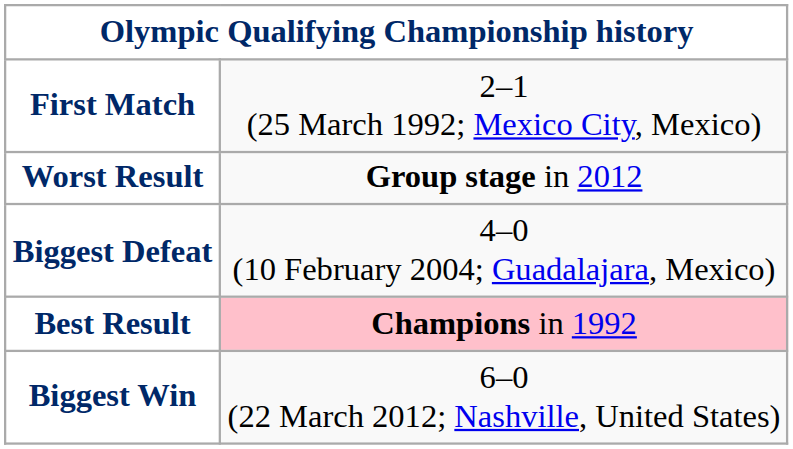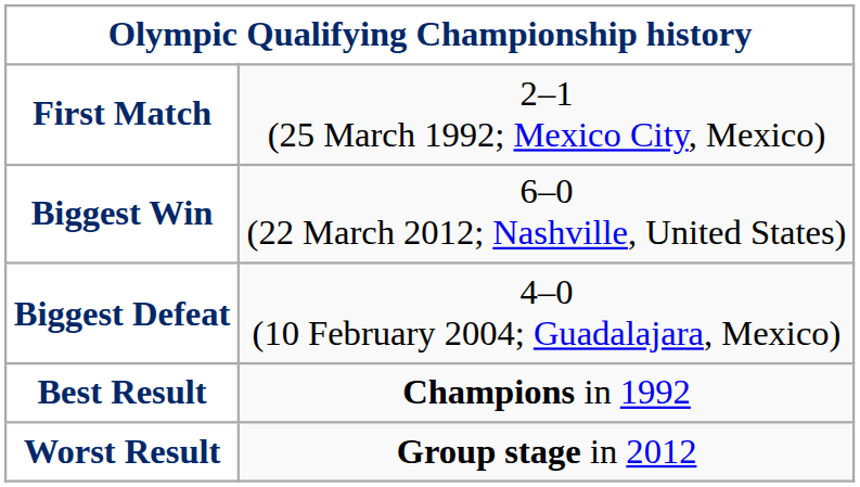 <table class="wikitable collapsible collapsed" style="text-align: center;font-size:90%;">
 <tr>
 <th colspan=2 style="color:#002868; background:white; ">Olympic Qualifying Championship history</th>
 </tr>
 <tr>
 <th style="color:#002868; background:white; ">First Match</th>
 <td> 2–1  <br> (25 March 1992; <a href='#'>Mexico City</a>, Mexico)</td>
 </tr>
 <tr>
-<th style="color:#002868; background:white; ">Worst Result</th>
-<td><strong>Group stage</strong> in <a href='#'>2012</a></td>
+<th style="color:#002868; background:white; ">Biggest Win</th>
+<td> 6–0  <br> (22 March 2012; <a href='#'>Nashville</a>, United States)</td>
 </tr>
 <tr>
 <th style="color:#002868; background:white; ">Biggest Defeat</th>
 <td> 4–0 <br>(10 February 2004; <a href='#'>Guadalajara</a>, Mexico)</td>
 </tr>
 <tr>
 <th style="color:#002868; background:white; ">Best Result</th>
-<td style="background: pink;"><strong>Champions</strong> in <a href='#'>1992</a></td>
+<td><strong>Champions</strong> in <a href='#'>1992</a></td>
 </tr>
 <tr>
-<th style="color:#002868; background:white; ">Biggest Win</th>
-<td> 6–0  <br> (22 March 2012; <a href='#'>Nashville</a>, United States)</td>
+<th style="color:#002868; background:white; ">Worst Result</th>
+<td><strong>Group stage</strong> in <a href='#'>2012</a></td>
 </tr>
 </table>
